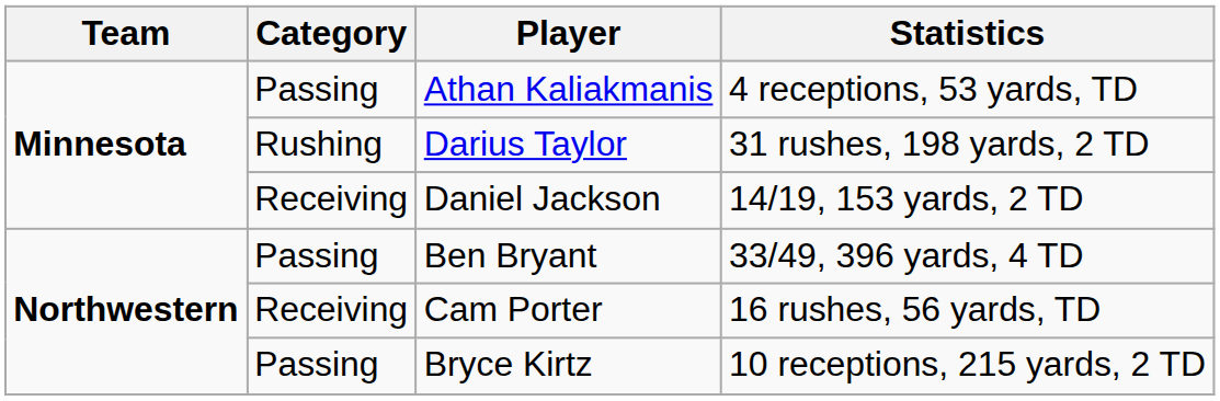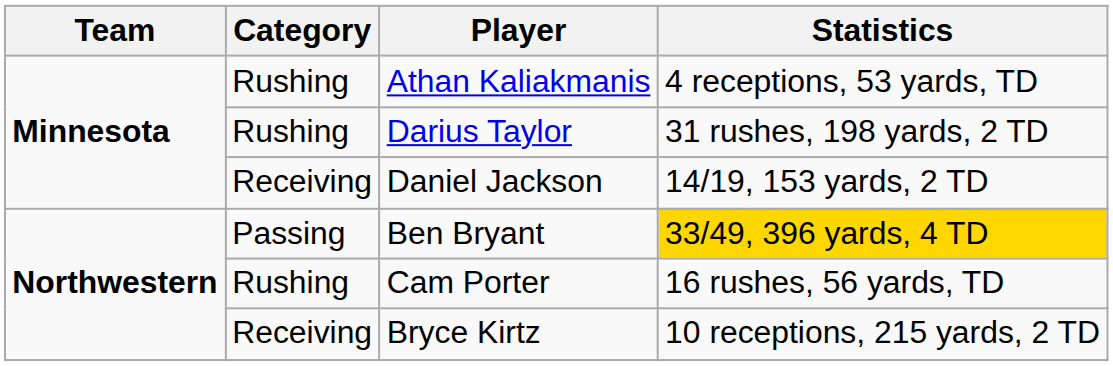 <table class="wikitable" style="float: left;">
 <tr>
 <th>Team</th>
 <th>Category</th>
 <th>Player</th>
 <th>Statistics</th>
 </tr>
 <tr>
 <td rowspan=3><strong>Minnesota</strong></td>
-<td>Passing</td>
+<td>Rushing</td>
 <td><a href='#'>Athan Kaliakmanis</a></td>
 <td>4 receptions, 53 yards, TD</td>
 </tr>
 <tr>
 <td>Rushing</td>
 <td><a href='#'>Darius Taylor</a></td>
 <td>31 rushes, 198 yards, 2 TD</td>
 </tr>
 <tr>
 <td>Receiving</td>
 <td>Daniel Jackson</td>
 <td>14/19, 153 yards, 2 TD</td>
 </tr>
 <tr>
 <td rowspan=3><strong>Northwestern</strong></td>
 <td>Passing</td>
 <td>Ben Bryant</td>
-<td>33/49, 396 yards, 4 TD</td>
+<td style="background: gold;">33/49, 396 yards, 4 TD</td>
 </tr>
 <tr>
-<td>Receiving</td>
+<td>Rushing</td>
 <td>Cam Porter</td>
 <td>16 rushes, 56 yards, TD</td>
 </tr>
 <tr>
-<td>Passing</td>
+<td>Receiving</td>
 <td>Bryce Kirtz</td>
 <td>10 receptions, 215 yards, 2 TD</td>
 </tr>
 </table>
